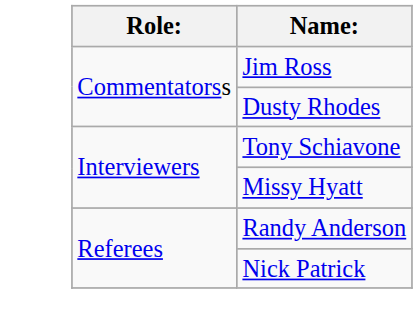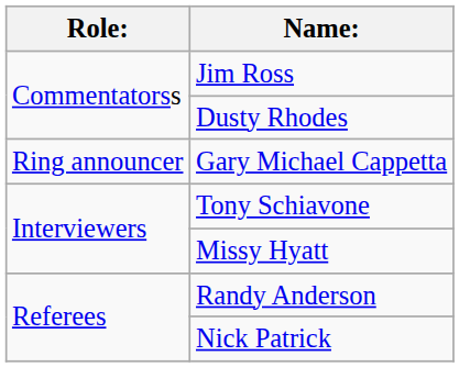 <table class=wikitable style="font-size:90%; margin: 0.5em 0 0.5em 1em; float: right; clear: right;">
 <tr>
 <th>Role:</th>
 <th>Name:</th>
 </tr>
 <tr>
 <td rowspan=2><a href='#'>Commentators</a>s</td>
 <td><a href='#'>Jim Ross</a></td>
 </tr>
 <tr>
 <td><a href='#'>Dusty Rhodes</a></td>
+</tr>
+<tr>
+<td><a href='#'>Ring announcer</a></td>
+<td><a href='#'>Gary Michael Cappetta</a></td>
 </tr>
 <tr>
 <td rowspan=2><a href='#'>Interviewers</a></td>
 <td><a href='#'>Tony Schiavone</a></td>
 </tr>
 <tr>
 <td><a href='#'>Missy Hyatt</a></td>
 </tr>
 <tr>
 <td rowspan=2><a href='#'>Referees</a></td>
 <td><a href='#'>Randy Anderson</a></td>
 </tr>
 <tr>
 <td><a href='#'>Nick Patrick</a></td>
 </tr>
 </table>
